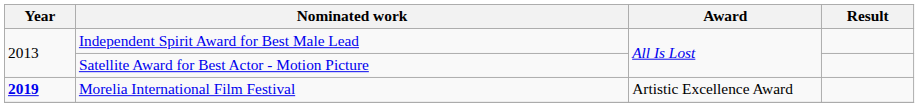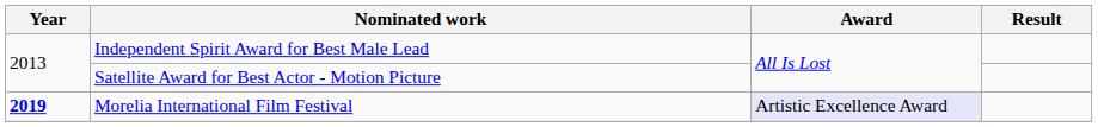 <table width="75%" class="wikitable">
 <tr>
 <th width="10">Year</th>
 <th width="300">Nominated work</th>
 <th width="100">Award</th>
 <th width="30">Result</th>
 </tr>
 <tr>
 <td rowspan="2">2013</td>
 <td><a href='#'>Independent Spirit Award for Best Male Lead</a></td>
 <td rowspan="2"><em><a href='#'>All Is Lost</a></em></td>
 <td></td>
 </tr>
 <tr>
 <td><a href='#'>Satellite Award for Best Actor - Motion Picture</a></td>
 <td></td>
 </tr>
 <tr>
 <td><strong><a href='#'>2019</a></strong></td>
 <td><a href='#'>Morelia International Film Festival</a></td>
-<td>Artistic Excellence Award</td>
+<td style="background: lavender;">Artistic Excellence Award</td>
 <td></td>
 </tr>
 <tr>
 </tr>
 </table>
